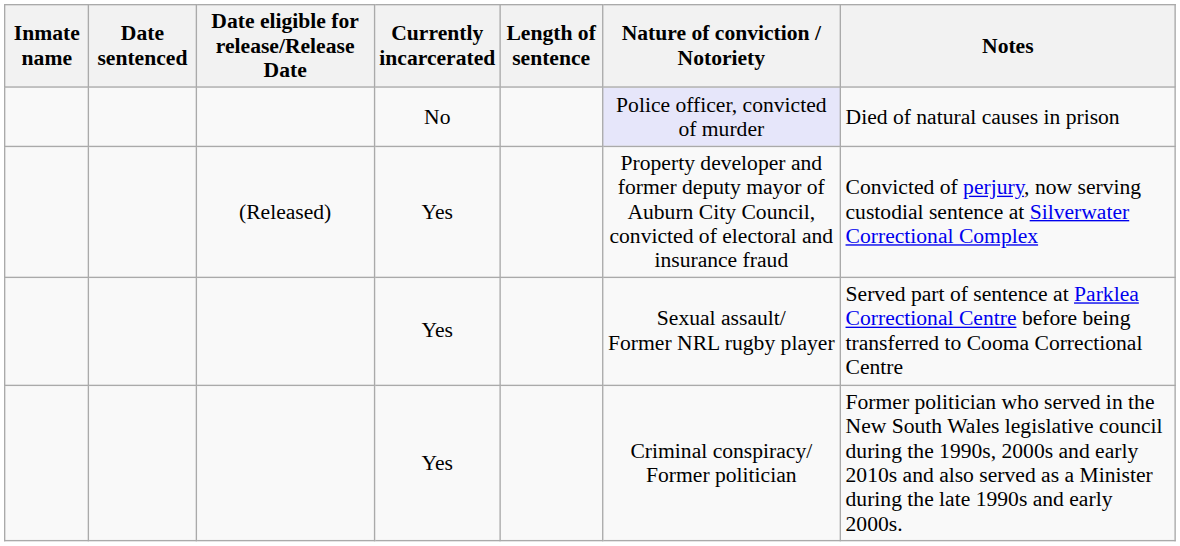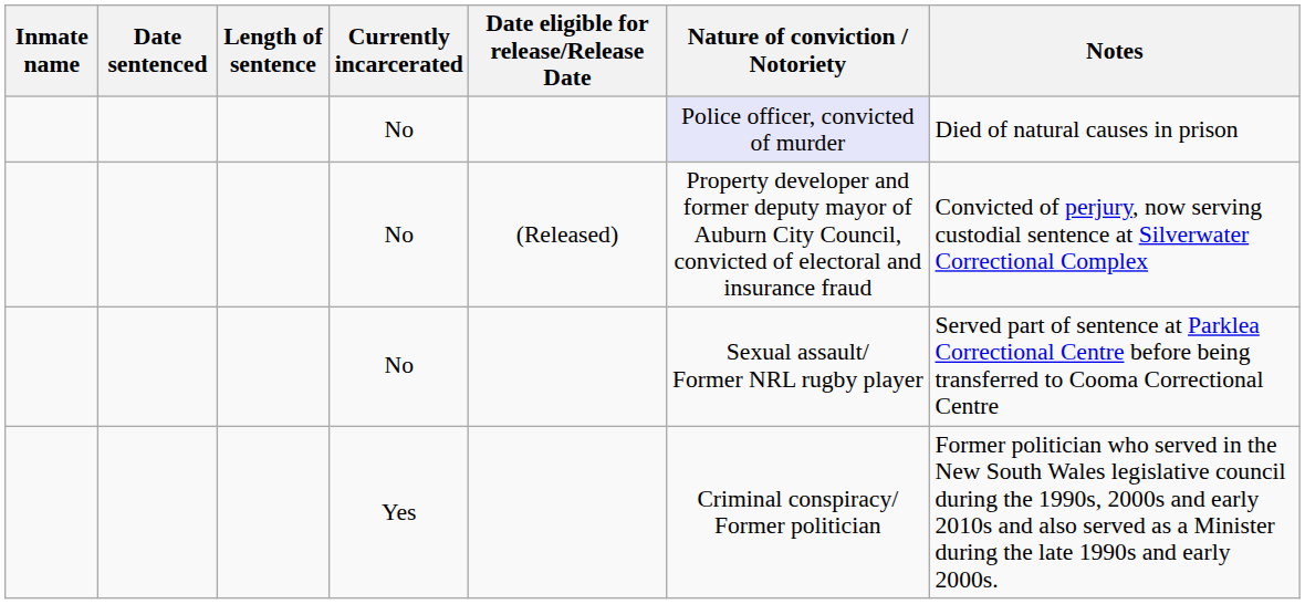 <table class="wikitable sortable">
 <tr>
 <th>Inmate name</th>
 <th>Date sentenced</th>
+<th>Length of sentence</th>
+<th>Currently<br>incarcerated</th>
 <th>Date eligible for release/Release Date</th>
-<th>Currently<br>incarcerated</th>
-<th>Length of sentence</th>
 <th>Nature of conviction / Notoriety</th>
 <th>Notes</th>
 </tr>
 <tr>
 <td></td>
 <td align=center></td>
+<td></td>
+<td align=center>No</td>
 <td align=center> </td>
-<td align=center>No</td>
-<td></td>
 <td align="center" style="background: lavender;">Police officer, convicted of murder </td>
 <td>Died of natural causes in prison</td>
 </tr>
 <tr>
 <td></td>
 <td align=center></td>
+<td></td>
+<td align=center>No</td>
 <td align=center> (Released)</td>
-<td align=center>Yes</td>
-<td></td>
 <td align=center>Property developer and former deputy mayor of Auburn City Council, convicted of electoral and insurance fraud </td>
 <td>Convicted of <a href='#'>perjury</a>, now serving custodial sentence at <a href='#'>Silverwater Correctional Complex</a></td>
 </tr>
 <tr>
 <td></td>
 <td align=center></td>
+<td></td>
+<td align=center>No</td>
 <td align=center></td>
-<td align=center>Yes</td>
-<td></td>
 <td align=center>Sexual assault/<br>Former NRL rugby player<br></td>
 <td>Served part of sentence at <a href='#'>Parklea Correctional Centre</a> before being transferred to Cooma Correctional Centre</td>
 </tr>
 <tr>
 <td></td>
 <td align=center></td>
+<td></td>
+<td align=center>Yes</td>
 <td align=center></td>
-<td align=center>Yes</td>
-<td></td>
 <td align=center>Criminal conspiracy/<br> Former politician<br></td>
 <td>Former politician who served in the New South Wales legislative council during the 1990s, 2000s and early 2010s and also served as a Minister during the late 1990s and early 2000s.</td>
 </tr>
 </table>
